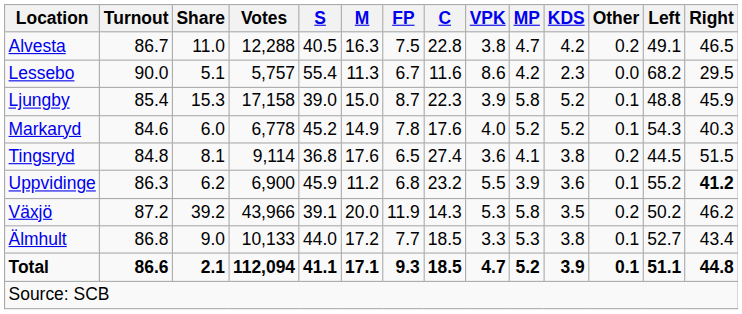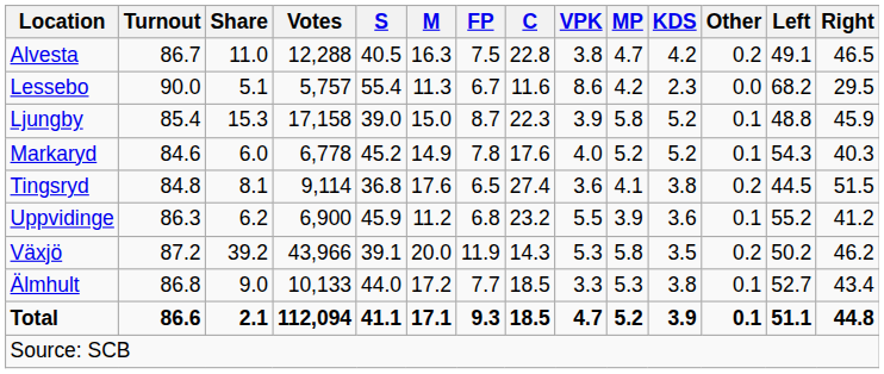 <table class="wikitable sortable" style=text-align:right>
 <tr>
 <th>Location</th>
 <th>Turnout</th>
 <th>Share</th>
 <th>Votes</th>
 <th><a href='#'>S</a></th>
 <th><a href='#'>M</a></th>
 <th><a href='#'>FP</a></th>
 <th><a href='#'>C</a></th>
 <th><a href='#'>VPK</a></th>
 <th><a href='#'>MP</a></th>
 <th><a href='#'>KDS</a></th>
 <th>Other</th>
 <th>Left</th>
 <th>Right</th>
 </tr>
 <tr>
 <td align=left><a href='#'>Alvesta</a></td>
 <td>86.7</td>
 <td>11.0</td>
 <td>12,288</td>
 <td>40.5</td>
 <td>16.3</td>
 <td>7.5</td>
 <td>22.8</td>
 <td>3.8</td>
 <td>4.7</td>
 <td>4.2</td>
 <td>0.2</td>
 <td>49.1</td>
 <td>46.5</td>
 </tr>
 <tr>
 <td align=left><a href='#'>Lessebo</a></td>
 <td>90.0</td>
 <td>5.1</td>
 <td>5,757</td>
 <td>55.4</td>
 <td>11.3</td>
 <td>6.7</td>
 <td>11.6</td>
 <td>8.6</td>
 <td>4.2</td>
 <td>2.3</td>
 <td>0.0</td>
 <td>68.2</td>
 <td>29.5</td>
 </tr>
 <tr>
 <td align=left><a href='#'>Ljungby</a></td>
 <td>85.4</td>
 <td>15.3</td>
 <td>17,158</td>
 <td>39.0</td>
 <td>15.0</td>
 <td>8.7</td>
 <td>22.3</td>
 <td>3.9</td>
 <td>5.8</td>
 <td>5.2</td>
 <td>0.1</td>
 <td>48.8</td>
 <td>45.9</td>
 </tr>
 <tr>
 <td align=left><a href='#'>Markaryd</a></td>
 <td>84.6</td>
 <td>6.0</td>
 <td>6,778</td>
 <td>45.2</td>
 <td>14.9</td>
 <td>7.8</td>
 <td>17.6</td>
 <td>4.0</td>
 <td>5.2</td>
 <td>5.2</td>
 <td>0.1</td>
 <td>54.3</td>
 <td>40.3</td>
 </tr>
 <tr>
 <td align=left><a href='#'>Tingsryd</a></td>
 <td>84.8</td>
 <td>8.1</td>
 <td>9,114</td>
 <td>36.8</td>
 <td>17.6</td>
 <td>6.5</td>
 <td>27.4</td>
 <td>3.6</td>
 <td>4.1</td>
 <td>3.8</td>
 <td>0.2</td>
 <td>44.5</td>
 <td>51.5</td>
 </tr>
 <tr>
 <td align=left><a href='#'>Uppvidinge</a></td>
 <td>86.3</td>
 <td>6.2</td>
 <td>6,900</td>
 <td>45.9</td>
 <td>11.2</td>
 <td>6.8</td>
 <td>23.2</td>
 <td>5.5</td>
 <td>3.9</td>
 <td>3.6</td>
 <td>0.1</td>
 <td>55.2</td>
-<td><strong>41.2</strong></td>
+<td>41.2</td>
 </tr>
 <tr>
 <td align=left><a href='#'>Växjö</a></td>
 <td>87.2</td>
 <td>39.2</td>
 <td>43,966</td>
 <td>39.1</td>
 <td>20.0</td>
 <td>11.9</td>
 <td>14.3</td>
 <td>5.3</td>
 <td>5.8</td>
 <td>3.5</td>
 <td>0.2</td>
 <td>50.2</td>
 <td>46.2</td>
 </tr>
 <tr>
 <td align=left><a href='#'>Älmhult</a></td>
 <td>86.8</td>
 <td>9.0</td>
 <td>10,133</td>
 <td>44.0</td>
 <td>17.2</td>
 <td>7.7</td>
 <td>18.5</td>
 <td>3.3</td>
 <td>5.3</td>
 <td>3.8</td>
 <td>0.1</td>
 <td>52.7</td>
 <td>43.4</td>
 </tr>
 <tr>
 <td align=left><strong>Total</strong></td>
 <td><strong>86.6</strong></td>
 <td><strong>2.1</strong></td>
 <td><strong>112,094</strong></td>
 <td><strong>41.1</strong></td>
 <td><strong>17.1</strong></td>
 <td><strong>9.3</strong></td>
 <td><strong>18.5</strong></td>
 <td><strong>4.7</strong></td>
 <td><strong>5.2</strong></td>
 <td><strong>3.9</strong></td>
 <td><strong>0.1</strong></td>
 <td><strong>51.1</strong></td>
 <td><strong>44.8</strong></td>
 </tr>
 <tr>
 <td align=left colspan=14>Source: SCB </td>
 </tr>
 </table>
